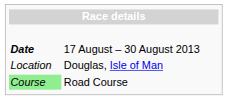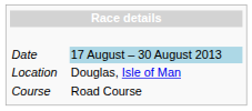 <table class="infobox" align="right" cellpadding="2" style="float:right; width: 20em;">
 <tr>
 </tr>
 <tr>
 <th colspan="3" style="background:lightgrey; color:#ffffff;">Race details</th>
 </tr>
 <tr>
 <td colspan="3" style="text-align:center;"><br></td>
 </tr>
 <tr>
-<td style="width: 25%;"><strong><em>Date</em></strong></td>
-<td>17 August – 30 August 2013</td>
+<td style="width: 25%;"><em>Date</em></td>
+<td style="background: lightblue;">17 August – 30 August 2013</td>
 </tr>
 <tr>
 <td><em>Location</em></td>
 <td colspan=3>Douglas, <a href='#'>Isle of Man</a></td>
 </tr>
 <tr>
-<td style="background: lightgreen;"><em>Course</em></td>
+<td><em>Course</em></td>
 <td colspan=3>Road Course <br> </td>
 </tr>
 <tr>
 </tr>
 </table>
